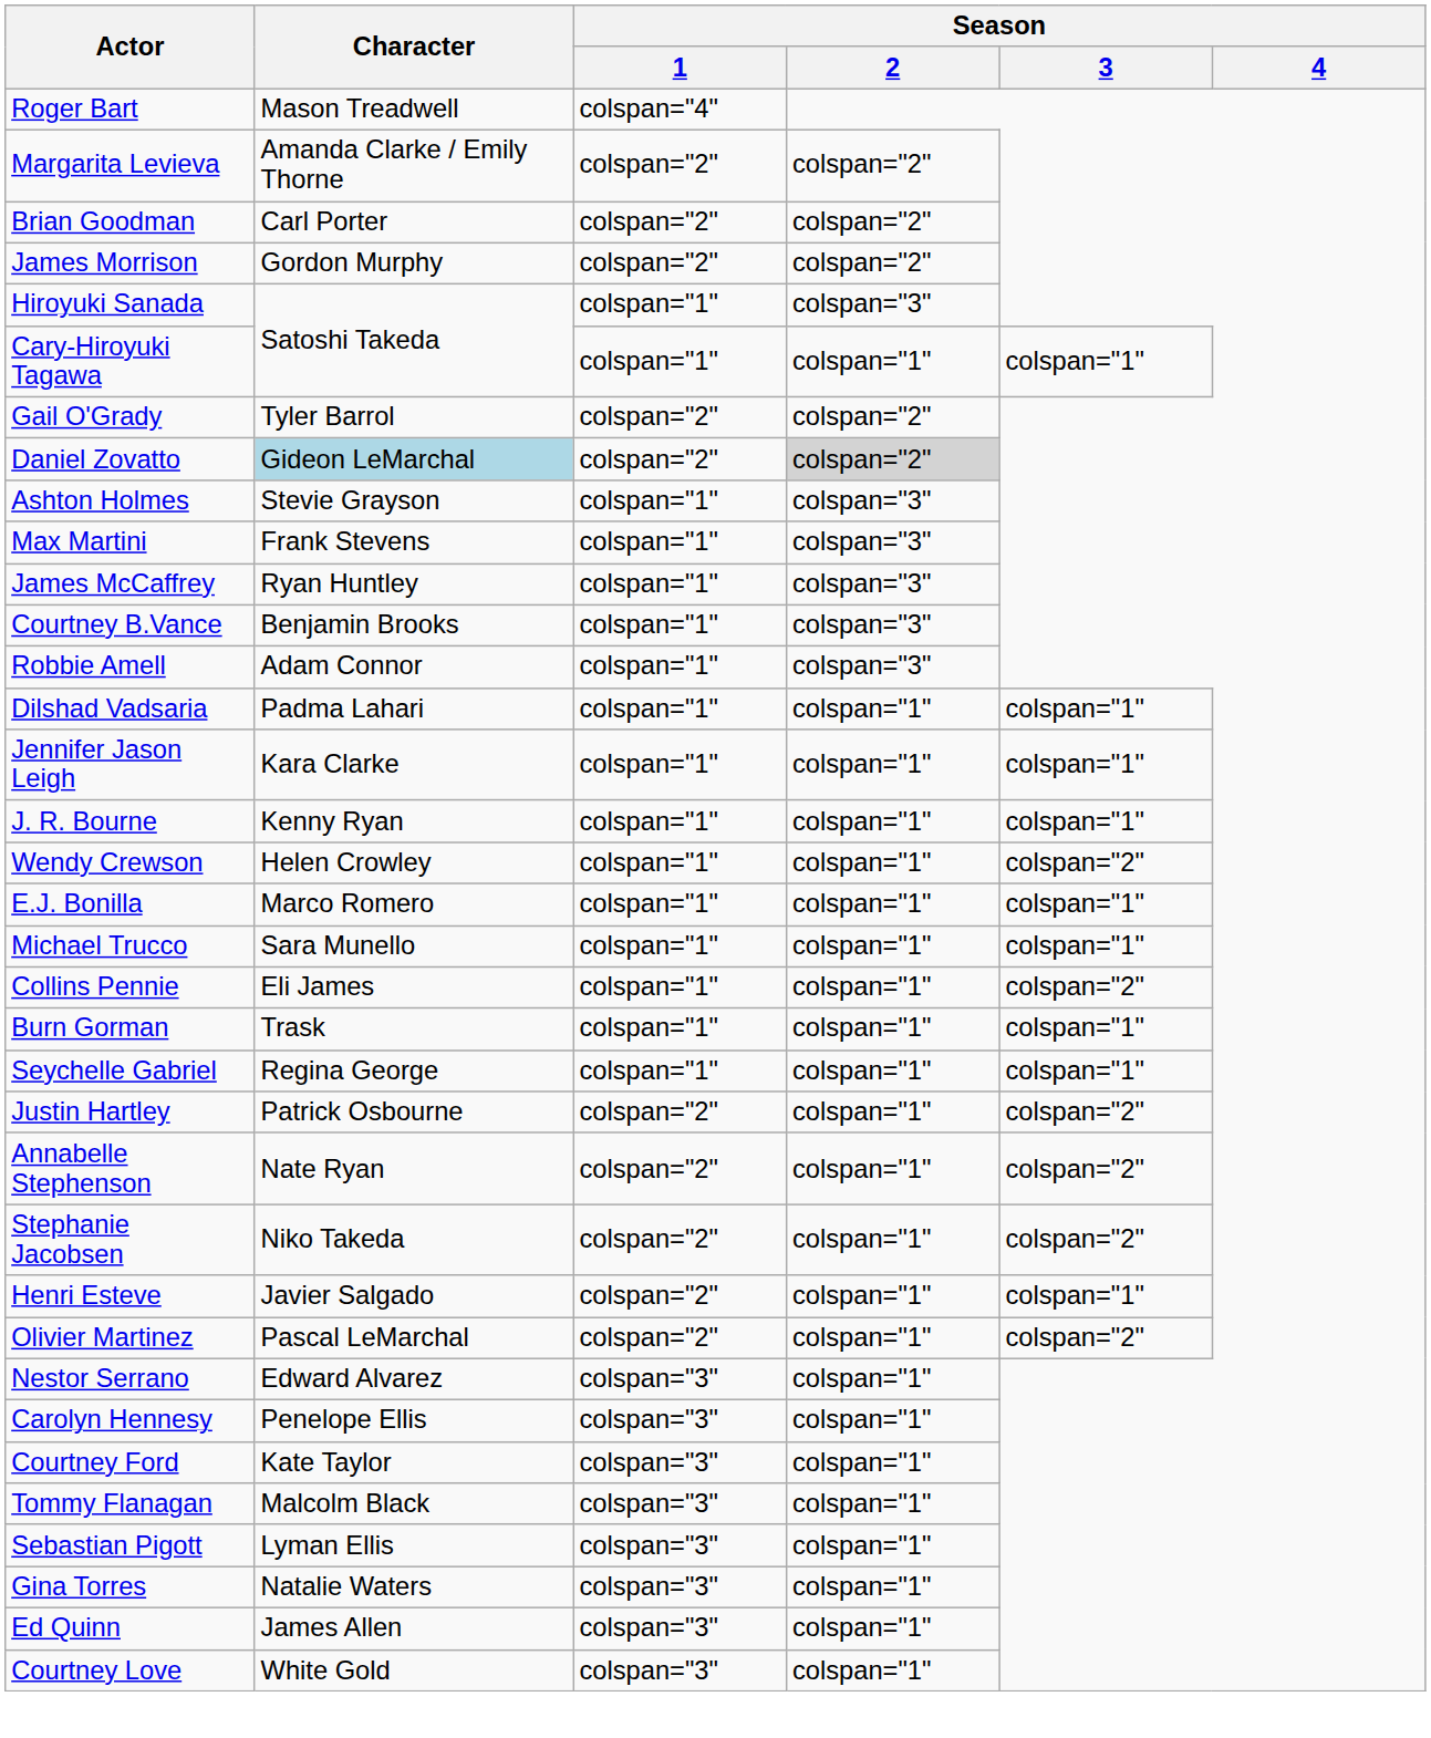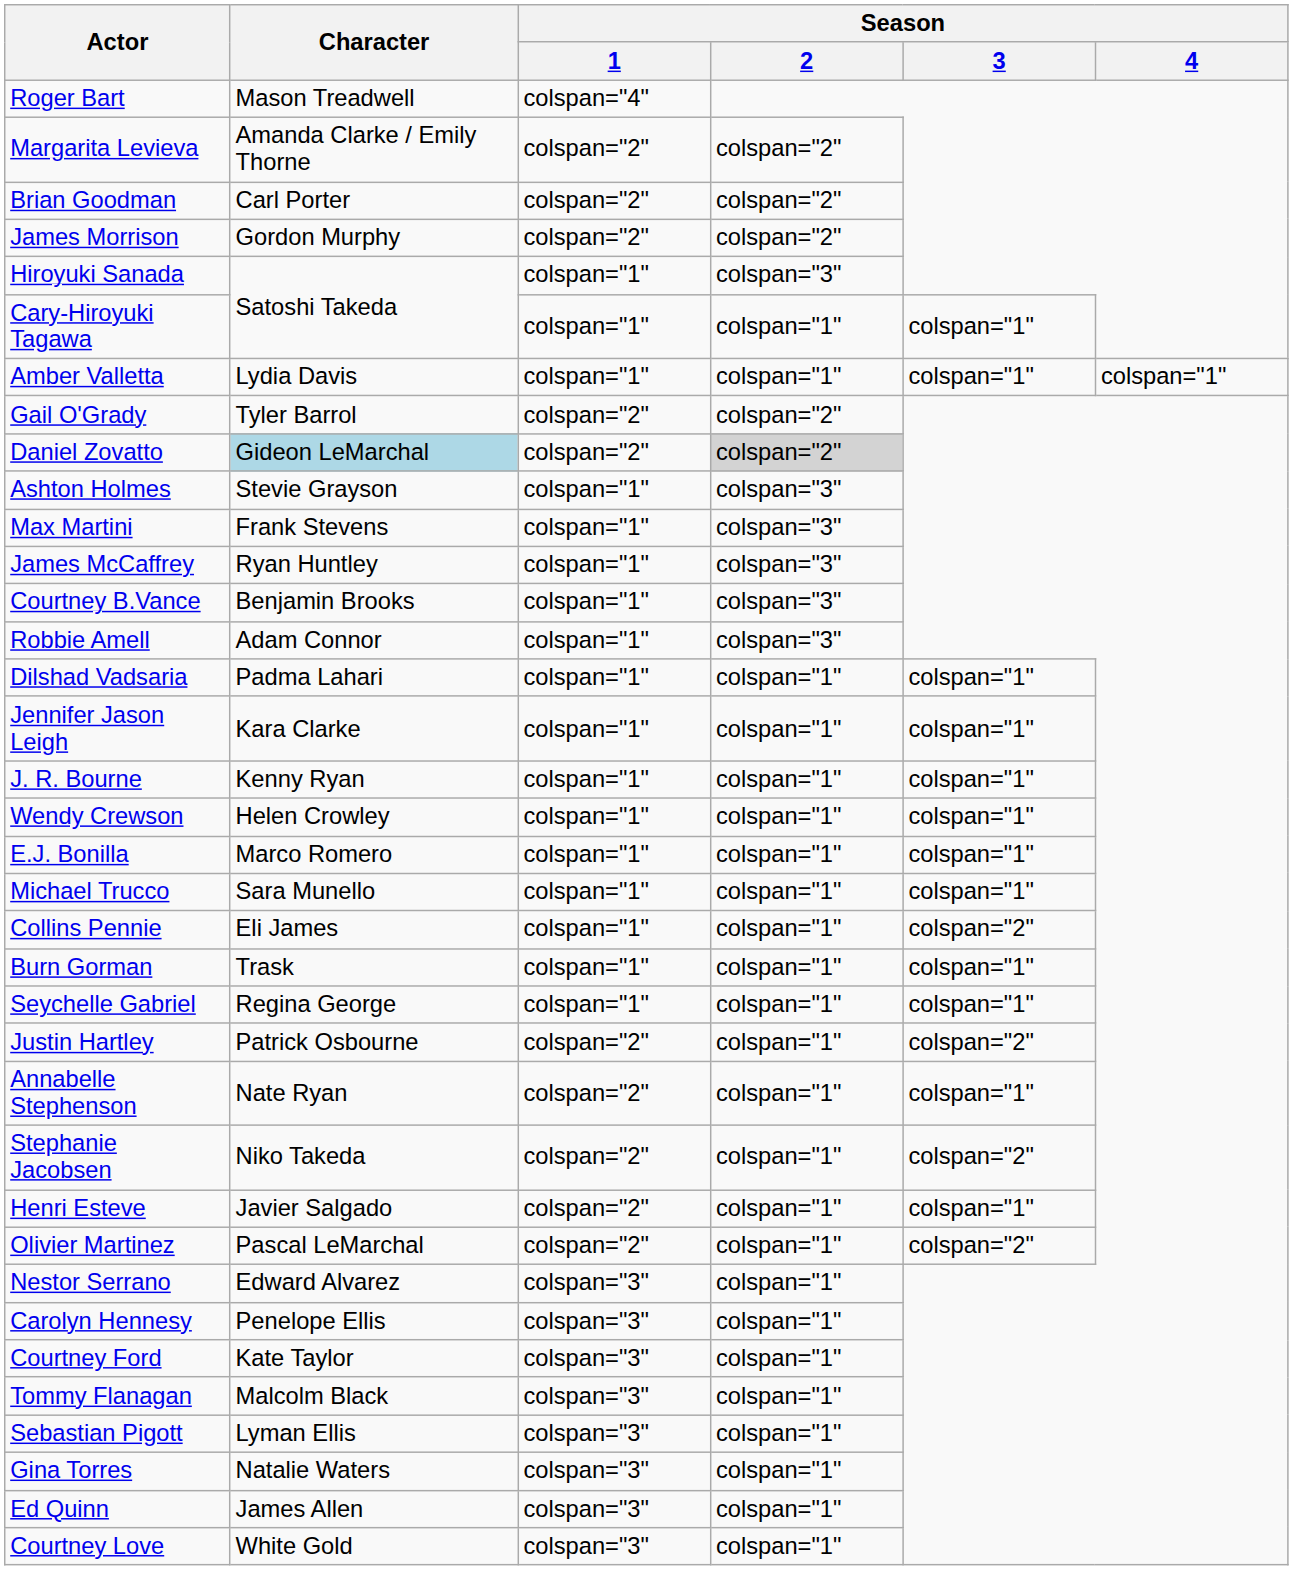 <table class="wikitable sortable">
 <tr>
 <th rowspan="2">Actor</th>
 <th rowspan="2">Character</th>
 <th colspan="4">Season</th>
 </tr>
 <tr>
 <th ! style="width:15%;"><a href='#'>1</a></th>
 <th style="width:15%;"><a href='#'>2</a></th>
 <th style="width:15%;"><a href='#'>3</a></th>
 <th style="width:15%;"><a href='#'>4</a></th>
 </tr>
 <tr>
 <td><a href='#'>Roger Bart</a></td>
 <td>Mason Treadwell</td>
 <td>colspan="4" </td>
 </tr>
 <tr>
 <td><a href='#'>Margarita Levieva</a></td>
 <td>Amanda Clarke / Emily Thorne</td>
 <td>colspan="2" </td>
 <td>colspan="2" </td>
 </tr>
 <tr>
 <td><a href='#'>Brian Goodman</a></td>
 <td>Carl Porter</td>
 <td>colspan="2" </td>
 <td>colspan="2" </td>
 </tr>
 <tr>
 <td><a href='#'>James Morrison</a></td>
 <td>Gordon Murphy</td>
 <td>colspan="2" </td>
 <td>colspan="2" </td>
 </tr>
 <tr>
 <td><a href='#'>Hiroyuki Sanada</a></td>
 <td rowspan="2">Satoshi Takeda</td>
 <td>colspan="1" </td>
 <td>colspan="3" </td>
 </tr>
 <tr>
 <td><a href='#'>Cary-Hiroyuki Tagawa</a></td>
+<td>colspan="1" </td>
+<td>colspan="1" </td>
+<td>colspan="1" </td>
+</tr>
+<tr>
+<td><a href='#'>Amber Valletta</a></td>
+<td>Lydia Davis</td>
+<td>colspan="1" </td>
 <td>colspan="1" </td>
 <td>colspan="1" </td>
 <td>colspan="1" </td>
 </tr>
 <tr>
 <td><a href='#'>Gail O'Grady</a></td>
 <td>Tyler Barrol</td>
 <td>colspan="2" </td>
 <td>colspan="2" </td>
 </tr>
 <tr>
 <td><a href='#'>Daniel Zovatto</a></td>
 <td style="background: lightblue;">Gideon LeMarchal</td>
 <td>colspan="2" </td>
 <td style="background: lightgrey;">colspan="2" </td>
 </tr>
 <tr>
 <td><a href='#'>Ashton Holmes</a></td>
 <td>Stevie Grayson</td>
 <td>colspan="1" </td>
 <td>colspan="3" </td>
 </tr>
 <tr>
 <td><a href='#'>Max Martini</a></td>
 <td>Frank Stevens</td>
 <td>colspan="1" </td>
 <td>colspan="3" </td>
 </tr>
 <tr>
 <td><a href='#'>James McCaffrey</a></td>
 <td>Ryan Huntley</td>
 <td>colspan="1" </td>
 <td>colspan="3" </td>
 </tr>
 <tr>
 <td><a href='#'>Courtney B.Vance</a></td>
 <td>Benjamin Brooks</td>
 <td>colspan="1" </td>
 <td>colspan="3" </td>
 </tr>
 <tr>
 <td><a href='#'>Robbie Amell</a></td>
 <td>Adam Connor</td>
 <td>colspan="1" </td>
 <td>colspan="3" </td>
 </tr>
 <tr>
 <td><a href='#'>Dilshad Vadsaria</a></td>
 <td>Padma Lahari</td>
 <td>colspan="1" </td>
 <td>colspan="1" </td>
 <td>colspan="1" </td>
 </tr>
 <tr>
 <td><a href='#'>Jennifer Jason Leigh</a></td>
 <td>Kara Clarke</td>
 <td>colspan="1" </td>
 <td>colspan="1" </td>
 <td>colspan="1" </td>
 </tr>
 <tr>
 <td><a href='#'>J. R. Bourne</a></td>
 <td>Kenny Ryan</td>
 <td>colspan="1" </td>
 <td>colspan="1" </td>
 <td>colspan="1" </td>
 </tr>
 <tr>
 <td><a href='#'>Wendy Crewson</a></td>
 <td>Helen Crowley</td>
 <td>colspan="1" </td>
 <td>colspan="1" </td>
-<td>colspan="2" </td>
+<td>colspan="1" </td>
 </tr>
 <tr>
 <td><a href='#'>E.J. Bonilla</a></td>
 <td>Marco Romero</td>
 <td>colspan="1" </td>
 <td>colspan="1" </td>
 <td>colspan="1" </td>
 </tr>
 <tr>
 <td><a href='#'>Michael Trucco</a></td>
 <td>Sara Munello</td>
 <td>colspan="1" </td>
 <td>colspan="1" </td>
 <td>colspan="1" </td>
 </tr>
 <tr>
 <td><a href='#'>Collins Pennie</a></td>
 <td>Eli James</td>
 <td>colspan="1" </td>
 <td>colspan="1" </td>
 <td>colspan="2" </td>
 </tr>
 <tr>
 <td><a href='#'>Burn Gorman</a></td>
 <td>Trask</td>
 <td>colspan="1" </td>
 <td>colspan="1" </td>
 <td>colspan="1" </td>
 </tr>
 <tr>
 <td><a href='#'>Seychelle Gabriel</a></td>
 <td>Regina George</td>
 <td>colspan="1" </td>
 <td>colspan="1" </td>
 <td>colspan="1" </td>
 </tr>
 <tr>
 <td><a href='#'>Justin Hartley</a></td>
 <td>Patrick Osbourne</td>
 <td>colspan="2" </td>
 <td>colspan="1" </td>
 <td>colspan="2" </td>
 </tr>
 <tr>
 <td><a href='#'>Annabelle Stephenson</a></td>
 <td>Nate Ryan</td>
 <td>colspan="2" </td>
 <td>colspan="1" </td>
-<td>colspan="2" </td>
+<td>colspan="1" </td>
 </tr>
 <tr>
 <td><a href='#'>Stephanie Jacobsen</a></td>
 <td>Niko Takeda</td>
 <td>colspan="2" </td>
 <td>colspan="1" </td>
 <td>colspan="2" </td>
 </tr>
 <tr>
 <td><a href='#'>Henri Esteve</a></td>
 <td>Javier Salgado</td>
 <td>colspan="2" </td>
 <td>colspan="1" </td>
 <td>colspan="1" </td>
 </tr>
 <tr>
 <td><a href='#'>Olivier Martinez</a></td>
 <td>Pascal LeMarchal</td>
 <td>colspan="2" </td>
 <td>colspan="1" </td>
 <td>colspan="2" </td>
 </tr>
 <tr>
 <td><a href='#'>Nestor Serrano</a></td>
 <td>Edward Alvarez</td>
 <td>colspan="3" </td>
 <td>colspan="1" </td>
 </tr>
 <tr>
 <td><a href='#'>Carolyn Hennesy</a></td>
 <td>Penelope Ellis</td>
 <td>colspan="3" </td>
 <td>colspan="1" </td>
 </tr>
 <tr>
 <td><a href='#'>Courtney Ford</a></td>
 <td>Kate Taylor</td>
 <td>colspan="3" </td>
 <td>colspan="1" </td>
 </tr>
 <tr>
 <td><a href='#'>Tommy Flanagan</a></td>
 <td>Malcolm Black</td>
 <td>colspan="3" </td>
 <td>colspan="1" </td>
 </tr>
 <tr>
 <td><a href='#'>Sebastian Pigott</a></td>
 <td>Lyman Ellis</td>
 <td>colspan="3" </td>
 <td>colspan="1" </td>
 </tr>
 <tr>
 <td><a href='#'>Gina Torres</a></td>
 <td>Natalie Waters</td>
 <td>colspan="3" </td>
 <td>colspan="1" </td>
 </tr>
 <tr>
 <td><a href='#'>Ed Quinn</a></td>
 <td>James Allen</td>
 <td>colspan="3" </td>
 <td>colspan="1" </td>
 </tr>
 <tr>
 <td><a href='#'>Courtney Love</a></td>
 <td>White Gold</td>
 <td>colspan="3" </td>
 <td>colspan="1" </td>
 </tr>
 </table>
